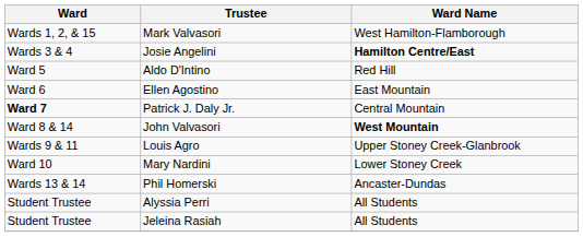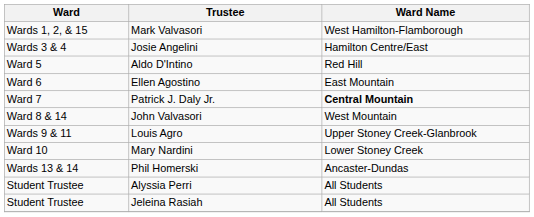 <table class="wikitable sortable">
 <tr>
 <th width=18%>Ward</th>
 <th width=28%>Trustee</th>
 <th width=30%>Ward Name</th>
 </tr>
 <tr>
 <td>Wards 1, 2, & 15</td>
 <td>Mark Valvasori</td>
 <td>West Hamilton-Flamborough</td>
 </tr>
 <tr>
 <td>Wards 3 & 4</td>
 <td>Josie Angelini</td>
-<td><strong>Hamilton Centre/East</strong></td>
+<td>Hamilton Centre/East</td>
 </tr>
 <tr>
 <td>Ward 5</td>
 <td>Aldo D'Intino</td>
 <td>Red Hill</td>
 </tr>
 <tr>
 <td>Ward 6</td>
 <td>Ellen Agostino</td>
 <td>East Mountain</td>
 </tr>
 <tr>
-<td><strong>Ward 7</strong></td>
+<td>Ward 7</td>
 <td>Patrick J. Daly Jr.</td>
-<td>Central Mountain</td>
+<td><strong>Central Mountain</strong></td>
 </tr>
 <tr>
 <td>Ward 8 & 14</td>
 <td>John Valvasori</td>
-<td><strong>West Mountain</strong></td>
+<td>West Mountain</td>
 </tr>
 <tr>
 <td>Wards 9 & 11</td>
 <td>Louis Agro</td>
 <td>Upper Stoney Creek-Glanbrook</td>
 </tr>
 <tr>
 <td>Ward 10</td>
 <td>Mary Nardini</td>
 <td>Lower Stoney Creek</td>
 </tr>
 <tr>
 <td>Wards 13 & 14</td>
 <td>Phil Homerski</td>
 <td>Ancaster-Dundas</td>
 </tr>
 <tr>
 <td>Student Trustee</td>
 <td>Alyssia Perri</td>
 <td>All Students</td>
 </tr>
 <tr>
 <td>Student Trustee</td>
 <td>Jeleina Rasiah</td>
 <td>All Students</td>
 </tr>
 <tr>
 </tr>
 </table>
